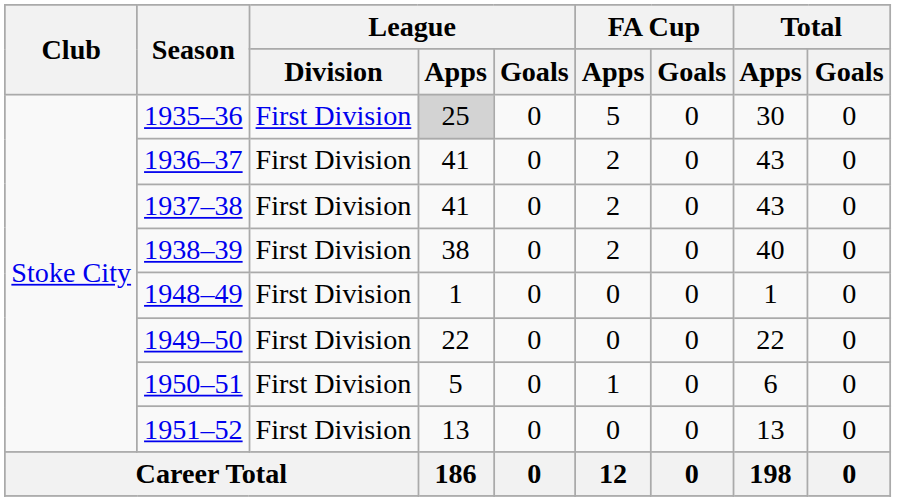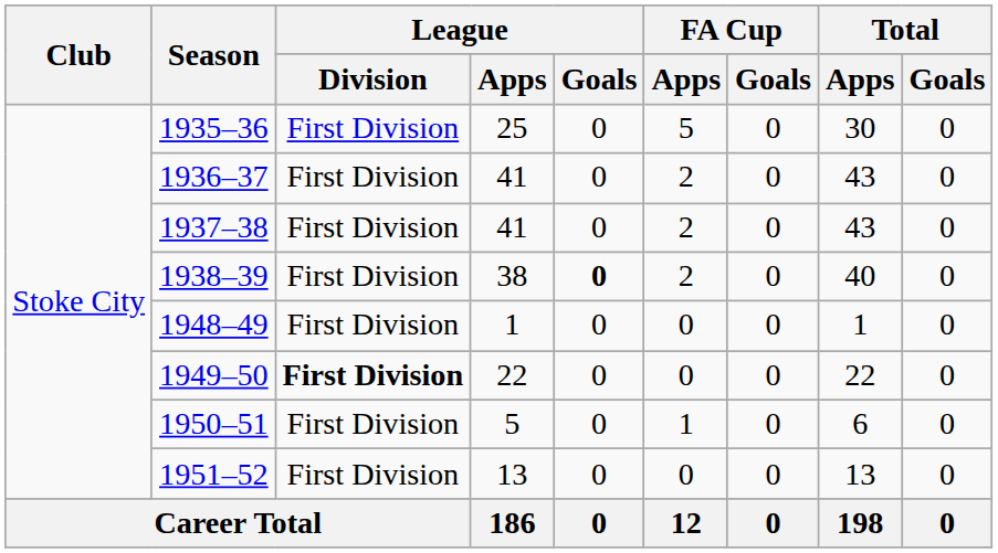 <table class="wikitable" style="text-align: center;">
 <tr>
 <th rowspan="2">Club</th>
 <th rowspan="2">Season</th>
 <th colspan="3">League</th>
 <th colspan="2">FA Cup</th>
 <th colspan="2">Total</th>
 </tr>
 <tr>
 <th>Division</th>
 <th>Apps</th>
 <th>Goals</th>
 <th>Apps</th>
 <th>Goals</th>
 <th>Apps</th>
 <th>Goals</th>
 </tr>
 <tr>
 <td rowspan="8"><a href='#'>Stoke City</a></td>
 <td><a href='#'>1935–36</a></td>
 <td><a href='#'>First Division</a></td>
-<td style="background: lightgrey;">25</td>
+<td>25</td>
 <td>0</td>
 <td>5</td>
 <td>0</td>
 <td>30</td>
 <td>0</td>
 </tr>
 <tr>
 <td><a href='#'>1936–37</a></td>
 <td>First Division</td>
 <td>41</td>
 <td>0</td>
 <td>2</td>
 <td>0</td>
 <td>43</td>
 <td>0</td>
 </tr>
 <tr>
 <td><a href='#'>1937–38</a></td>
 <td>First Division</td>
 <td>41</td>
 <td>0</td>
 <td>2</td>
 <td>0</td>
 <td>43</td>
 <td>0</td>
 </tr>
 <tr>
 <td><a href='#'>1938–39</a></td>
 <td>First Division</td>
 <td>38</td>
-<td>0</td>
+<td><strong>0</strong></td>
 <td>2</td>
 <td>0</td>
 <td>40</td>
 <td>0</td>
 </tr>
 <tr>
 <td><a href='#'>1948–49</a></td>
 <td>First Division</td>
 <td>1</td>
 <td>0</td>
 <td>0</td>
 <td>0</td>
 <td>1</td>
 <td>0</td>
 </tr>
 <tr>
 <td><a href='#'>1949–50</a></td>
-<td>First Division</td>
+<td><strong>First Division</strong></td>
 <td>22</td>
 <td>0</td>
 <td>0</td>
 <td>0</td>
 <td>22</td>
 <td>0</td>
 </tr>
 <tr>
 <td><a href='#'>1950–51</a></td>
 <td>First Division</td>
 <td>5</td>
 <td>0</td>
 <td>1</td>
 <td>0</td>
 <td>6</td>
 <td>0</td>
 </tr>
 <tr>
 <td><a href='#'>1951–52</a></td>
 <td>First Division</td>
 <td>13</td>
 <td>0</td>
 <td>0</td>
 <td>0</td>
 <td>13</td>
 <td>0</td>
 </tr>
 <tr>
 <th colspan="3">Career Total</th>
 <th>186</th>
 <th>0</th>
 <th>12</th>
 <th>0</th>
 <th>198</th>
 <th>0</th>
 </tr>
 </table>
